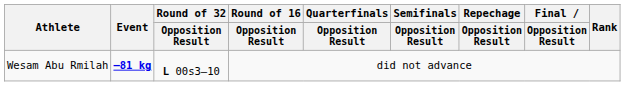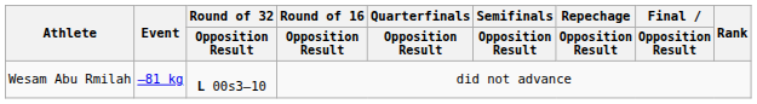 <table class=wikitable style=font-size:90%;text-align:center>
 <tr>
 <th rowspan="2">Athlete</th>
 <th rowspan="2">Event</th>
 <th>Round of 32</th>
 <th>Round of 16</th>
 <th>Quarterfinals</th>
 <th>Semifinals</th>
 <th>Repechage</th>
 <th>Final / </th>
 <th rowspan=2>Rank</th>
 </tr>
 <tr style="font-size:95%">
 <th>Opposition<br>Result</th>
 <th>Opposition<br>Result</th>
 <th>Opposition<br>Result</th>
 <th>Opposition<br>Result</th>
 <th>Opposition<br>Result</th>
 <th>Opposition<br>Result</th>
 </tr>
 <tr>
 <td align=left>Wesam Abu Rmilah</td>
-<td align=left><strong><a href='#'>–81 kg</a></strong></td>
+<td align=left><a href='#'>–81 kg</a></td>
 <td><br><strong>L</strong> 00s3–10</td>
 <td colspan=6>did not advance</td>
 </tr>
 </table>
